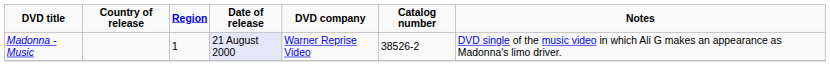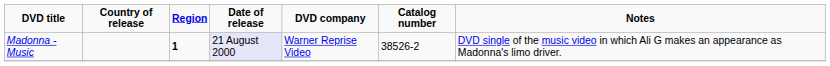 <table class="wikitable" width=100%>
 <tr>
 <td align="center"><strong>DVD title</strong></td>
 <td align="center"><strong>Country of release</strong></td>
 <td align="center"><strong><a href='#'>Region</a></strong></td>
 <td align="center"><strong>Date of release</strong></td>
 <td align="center"><strong>DVD company</strong></td>
 <td align="center"><strong>Catalog number</strong></td>
 <td align="center"><strong>Notes</strong></td>
 </tr>
 <tr>
 <td><em><a href='#'>Madonna - Music</a></em></td>
 <td></td>
-<td>1</td>
+<td><strong>1</strong></td>
 <td style="background: lavender;">21 August 2000</td>
 <td><a href='#'>Warner Reprise Video</a></td>
 <td>38526-2</td>
 <td><a href='#'>DVD single</a> of the <a href='#'>music video</a> in which Ali G makes an appearance as Madonna's limo driver.</td>
 </tr>
 <tr>
 </tr>
 </table>
